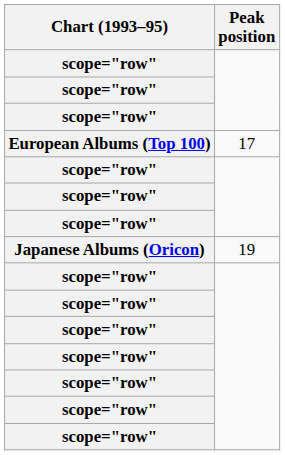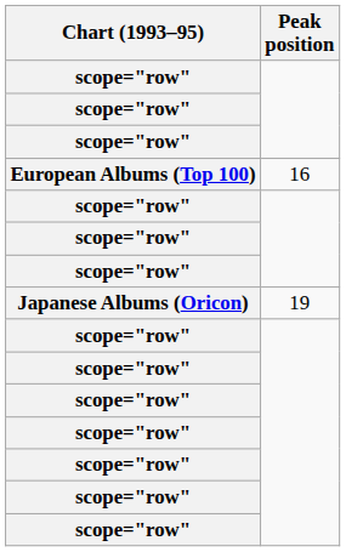 <table class="wikitable sortable plainrowheaders" style="text-align:center;">
 <tr>
 <th scope="col">Chart (1993–95)</th>
 <th scope="col">Peak<br>position</th>
 </tr>
 <tr>
 <th>scope="row"</th>
 </tr>
 <tr>
 <th>scope="row"</th>
 </tr>
 <tr>
 <th>scope="row"</th>
 </tr>
 <tr>
 <th scope="row">European Albums (<a href='#'>Top 100</a>)</th>
-<td>17</td>
+<td>16</td>
 </tr>
 <tr>
 <th>scope="row"</th>
 </tr>
 <tr>
 <th>scope="row"</th>
 </tr>
 <tr>
 <th>scope="row"</th>
 </tr>
 <tr>
 <th scope="row">Japanese Albums (<a href='#'>Oricon</a>)</th>
 <td>19</td>
 </tr>
 <tr>
 <th>scope="row"</th>
 </tr>
 <tr>
 <th>scope="row"</th>
 </tr>
 <tr>
 <th>scope="row"</th>
 </tr>
 <tr>
 <th>scope="row"</th>
 </tr>
 <tr>
 <th>scope="row"</th>
 </tr>
 <tr>
 <th>scope="row"</th>
 </tr>
 <tr>
 <th>scope="row"</th>
 </tr>
 </table>
